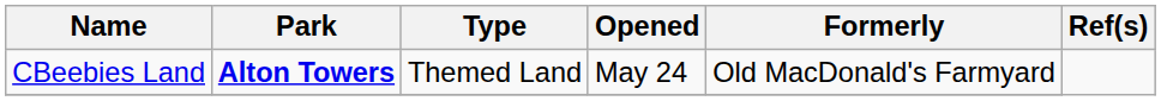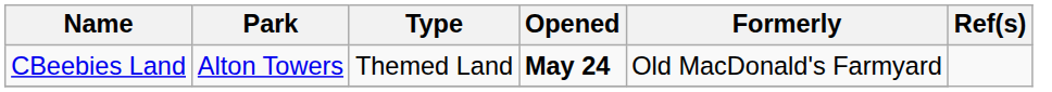 <table class="wikitable sortable">
 <tr>
 <th>Name</th>
 <th>Park</th>
 <th>Type</th>
 <th>Opened</th>
 <th>Formerly</th>
 <th class="unsortable">Ref(s)</th>
 </tr>
 <tr>
 <td><a href='#'>CBeebies Land</a></td>
-<td><strong><a href='#'>Alton Towers</a></strong></td>
+<td><a href='#'>Alton Towers</a></td>
 <td>Themed Land</td>
-<td>May 24</td>
+<td><strong>May 24</strong></td>
 <td>Old MacDonald's Farmyard</td>
 </tr>
 <tr>
 </tr>
 </table>
